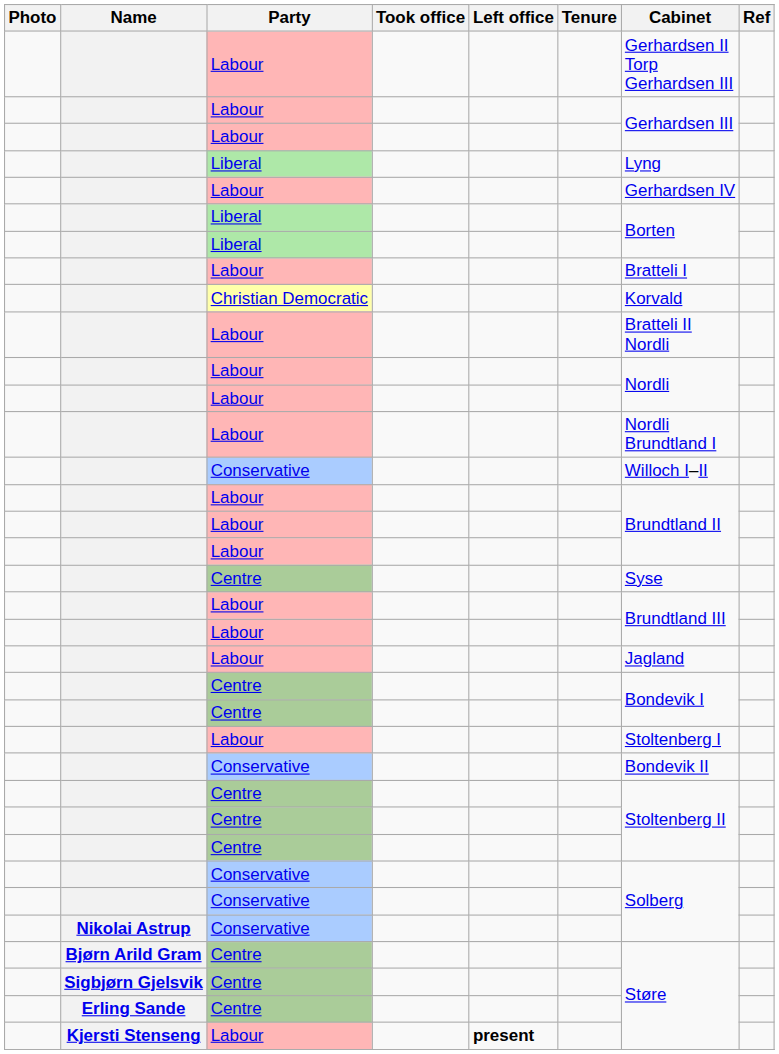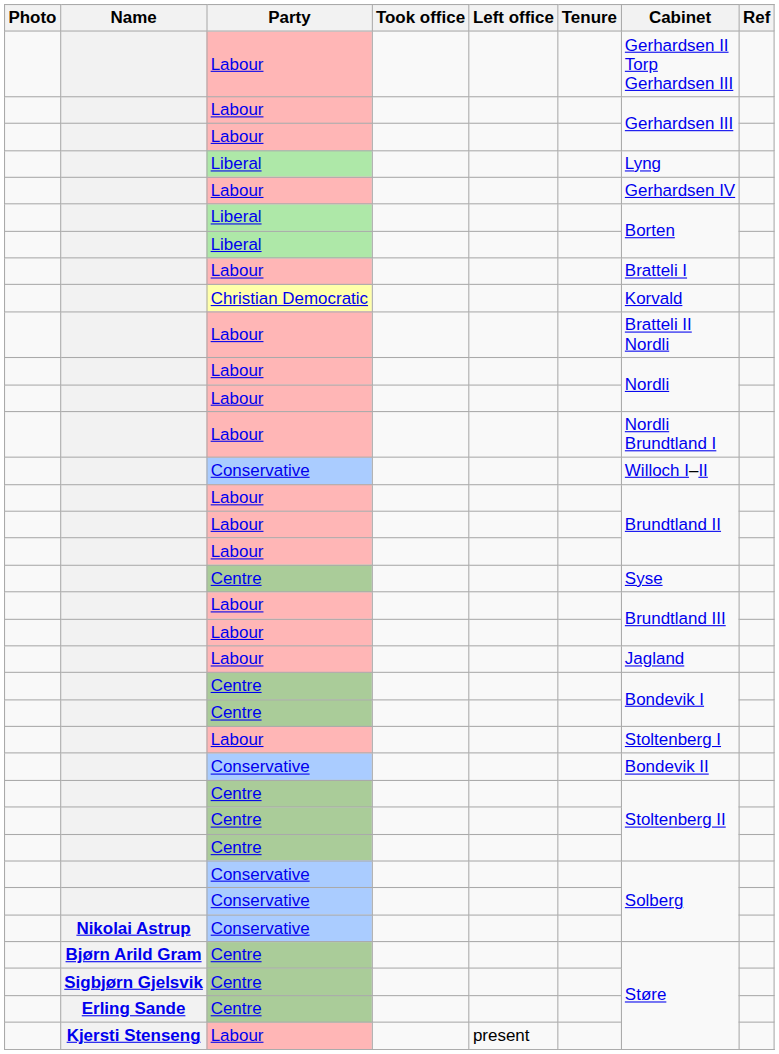 <table class="wikitable plainrowheaders sortable">
 <tr>
 <th scope=col class=unsortable>Photo</th>
 <th scope=col>Name</th>
 <th scope=col>Party</th>
 <th scope=col>Took office</th>
 <th scope=col>Left office</th>
 <th scope=col>Tenure</th>
 <th scope=col>Cabinet</th>
 <th scope=col class=unsortable>Ref</th>
 </tr>
 <tr>
 <td align=center></td>
 <th scope=row></th>
 <td style="background:#FFB6B6"><a href='#'>Labour</a></td>
 <td></td>
 <td></td>
 <td></td>
 <td><a href='#'>Gerhardsen II</a><br><a href='#'>Torp</a><br><a href='#'>Gerhardsen III</a></td>
 <td align=center></td>
 </tr>
 <tr>
 <td align=center></td>
 <th scope=row></th>
 <td style="background:#FFB6B6"><a href='#'>Labour</a></td>
 <td></td>
 <td></td>
 <td></td>
 <td rowspan=2><a href='#'>Gerhardsen III</a></td>
 <td align=center></td>
 </tr>
 <tr>
 <td align=center></td>
 <th scope=row></th>
 <td style="background:#FFB6B6"><a href='#'>Labour</a></td>
 <td></td>
 <td></td>
 <td></td>
 <td align=center></td>
 </tr>
 <tr>
 <td align=center></td>
 <th scope=row></th>
 <td style="background:#AEE8A8"><a href='#'>Liberal</a></td>
 <td></td>
 <td></td>
 <td></td>
 <td><a href='#'>Lyng</a></td>
 <td align=center></td>
 </tr>
 <tr>
 <td align=center></td>
 <th scope=row></th>
 <td style="background:#FFB6B6"><a href='#'>Labour</a></td>
 <td></td>
 <td></td>
 <td></td>
 <td><a href='#'>Gerhardsen IV</a></td>
 <td align=center></td>
 </tr>
 <tr>
 <td align=center></td>
 <th scope=row></th>
 <td style="background:#AEE8A8"><a href='#'>Liberal</a></td>
 <td></td>
 <td></td>
 <td></td>
 <td rowspan=2><a href='#'>Borten</a></td>
 <td align=center></td>
 </tr>
 <tr>
 <td align=center></td>
 <th scope=row></th>
 <td style="background:#AEE8A8"><a href='#'>Liberal</a></td>
 <td></td>
 <td></td>
 <td></td>
 <td align=center></td>
 </tr>
 <tr>
 <td align=center></td>
 <th scope=row></th>
 <td style="background:#FFB6B6"><a href='#'>Labour</a></td>
 <td></td>
 <td></td>
 <td></td>
 <td><a href='#'>Bratteli I</a></td>
 <td align=center></td>
 </tr>
 <tr>
 <td align=center></td>
 <th scope=row></th>
 <td style="background:#FFFFAA"><a href='#'>Christian Democratic</a></td>
 <td></td>
 <td></td>
 <td></td>
 <td><a href='#'>Korvald</a></td>
 <td align=center></td>
 </tr>
 <tr>
 <td align=center></td>
 <th scope=row></th>
 <td style="background:#FFB6B6"><a href='#'>Labour</a></td>
 <td></td>
 <td></td>
 <td></td>
 <td><a href='#'>Bratteli II</a><br><a href='#'>Nordli</a></td>
 <td align=center></td>
 </tr>
 <tr>
 <td align=center></td>
 <th scope=row></th>
 <td style="background:#FFB6B6"><a href='#'>Labour</a></td>
 <td></td>
 <td></td>
 <td></td>
 <td rowspan=2><a href='#'>Nordli</a></td>
 <td align=center></td>
 </tr>
 <tr>
 <td align=center></td>
 <th scope=row></th>
 <td style="background:#FFB6B6"><a href='#'>Labour</a></td>
 <td></td>
 <td></td>
 <td></td>
 <td align=center></td>
 </tr>
 <tr>
 <td align=center></td>
 <th scope=row></th>
 <td style="background:#FFB6B6"><a href='#'>Labour</a></td>
 <td></td>
 <td></td>
 <td></td>
 <td><a href='#'>Nordli</a><br><a href='#'>Brundtland I</a></td>
 <td align=center></td>
 </tr>
 <tr>
 <td align=center></td>
 <th scope=row></th>
 <td style="background:#AACCFF"><a href='#'>Conservative</a></td>
 <td></td>
 <td></td>
 <td></td>
 <td><a href='#'>Willoch I</a>–<a href='#'>II</a></td>
 <td align=center></td>
 </tr>
 <tr>
 <td align=center></td>
 <th scope=row></th>
 <td style="background:#FFB6B6"><a href='#'>Labour</a></td>
 <td></td>
 <td></td>
 <td></td>
 <td rowspan=3><a href='#'>Brundtland II</a></td>
 <td align=center></td>
 </tr>
 <tr>
 <td align=center></td>
 <th scope=row></th>
 <td style="background:#FFB6B6"><a href='#'>Labour</a></td>
 <td></td>
 <td></td>
 <td></td>
 <td align=center></td>
 </tr>
 <tr>
 <td align=center></td>
 <th scope=row></th>
 <td style="background:#FFB6B6"><a href='#'>Labour</a></td>
 <td></td>
 <td></td>
 <td></td>
 <td align=center></td>
 </tr>
 <tr>
 <td align=center></td>
 <th scope=row></th>
 <td style="background:#AACC99"><a href='#'>Centre</a></td>
 <td></td>
 <td></td>
 <td></td>
 <td><a href='#'>Syse</a></td>
 <td align=center></td>
 </tr>
 <tr>
 <td align=center></td>
 <th scope=row></th>
 <td style="background:#FFB6B6"><a href='#'>Labour</a></td>
 <td></td>
 <td></td>
 <td></td>
 <td rowspan=2><a href='#'>Brundtland III</a></td>
 <td align=center></td>
 </tr>
 <tr>
 <td align=center></td>
 <th scope=row></th>
 <td style="background:#FFB6B6"><a href='#'>Labour</a></td>
 <td></td>
 <td></td>
 <td></td>
 <td align=center></td>
 </tr>
 <tr>
 <td align=center></td>
 <th scope=row></th>
 <td style="background:#FFB6B6"><a href='#'>Labour</a></td>
 <td></td>
 <td></td>
 <td></td>
 <td><a href='#'>Jagland</a></td>
 <td align=center></td>
 </tr>
 <tr>
 <td align=center></td>
 <th scope=row></th>
 <td style="background:#AACC99"><a href='#'>Centre</a></td>
 <td></td>
 <td></td>
 <td></td>
 <td rowspan=2><a href='#'>Bondevik I</a></td>
 <td align=center></td>
 </tr>
 <tr>
 <td align=center></td>
 <th scope=row></th>
 <td style="background:#AACC99"><a href='#'>Centre</a></td>
 <td></td>
 <td></td>
 <td></td>
 <td align=center></td>
 </tr>
 <tr>
 <td align=center></td>
 <th scope=row></th>
 <td style="background:#FFB6B6"><a href='#'>Labour</a></td>
 <td></td>
 <td></td>
 <td></td>
 <td><a href='#'>Stoltenberg I</a></td>
 <td align=center></td>
 </tr>
 <tr>
 <td align=center></td>
 <th scope=row></th>
 <td style="background:#AACCFF"><a href='#'>Conservative</a></td>
 <td></td>
 <td></td>
 <td></td>
 <td><a href='#'>Bondevik II</a></td>
 <td align=center></td>
 </tr>
 <tr>
 <td align=center></td>
 <th scope=row></th>
 <td style="background:#AACC99"><a href='#'>Centre</a></td>
 <td></td>
 <td></td>
 <td></td>
 <td rowspan=3><a href='#'>Stoltenberg II</a></td>
 <td align=center></td>
 </tr>
 <tr>
 <td align=center></td>
 <th scope=row></th>
 <td style="background:#AACC99"><a href='#'>Centre</a></td>
 <td></td>
 <td></td>
 <td></td>
 <td align=center></td>
 </tr>
 <tr>
 <td align=center></td>
 <th scope=row></th>
 <td style="background:#AACC99"><a href='#'>Centre</a></td>
 <td></td>
 <td></td>
 <td></td>
 <td align=center></td>
 </tr>
 <tr>
 <td align=center></td>
 <th scope=row></th>
 <td style="background:#AACCFF"><a href='#'>Conservative</a></td>
 <td></td>
 <td></td>
 <td></td>
 <td rowspan=3><a href='#'>Solberg</a></td>
 <td align=center></td>
 </tr>
 <tr>
 <td align=center></td>
 <th scope=row></th>
 <td style="background:#AACCFF"><a href='#'>Conservative</a></td>
 <td></td>
 <td></td>
 <td></td>
 <td align=center></td>
 </tr>
 <tr>
 <td align=center></td>
 <th scope=row><a href='#'>Nikolai Astrup</a></th>
 <td style="background:#AACCFF"><a href='#'>Conservative</a></td>
 <td></td>
 <td></td>
 <td></td>
 <td align=center></td>
 </tr>
 <tr>
 <td align=center></td>
 <th scope=row><a href='#'>Bjørn Arild Gram</a></th>
 <td style="background:#AACC99"><a href='#'>Centre</a></td>
 <td></td>
 <td></td>
 <td></td>
 <td rowspan=4><a href='#'>Støre</a></td>
 <td align=center></td>
 </tr>
 <tr>
 <td align=center></td>
 <th scope=row><a href='#'>Sigbjørn Gjelsvik</a></th>
 <td style="background:#AACC99"><a href='#'>Centre</a></td>
 <td></td>
 <td></td>
 <td></td>
 <td align=center></td>
 </tr>
 <tr>
 <td align=center></td>
 <th scope=row><a href='#'>Erling Sande</a></th>
 <td style="background:#AACC99"><a href='#'>Centre</a></td>
 <td></td>
 <td></td>
 <td></td>
 <td align=center></td>
 </tr>
 <tr>
 <td align=center></td>
 <th scope=row><a href='#'>Kjersti Stenseng</a></th>
 <td style="background:#FFB6B6"><a href='#'>Labour</a></td>
 <td></td>
-<td><strong>present</strong></td>
+<td>present</td>
 <td></td>
 <td align=center></td>
 </tr>
 <tr>
 </tr>
 </table>
